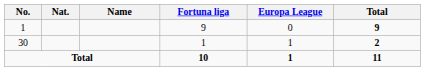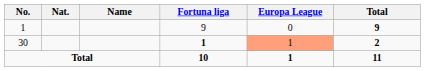 <table class="wikitable sortable" style="text-align:center">
 <tr>
 <th rowspan="1" style="width:54px;">No.</th>
 <th rowspan="1" style="width:54px;">Nat.</th>
 <th rowspan="1" style="width:125px;">Name</th>
 <th style="width:135px;"><a href='#'>Fortuna liga</a></th>
 <th style="width:135px;"><a href='#'>Europa League</a></th>
 <th style="width:135px;"><strong>Total</strong></th>
 </tr>
 <tr>
 <td>1</td>
 <td></td>
 <td align=left></td>
 <td>9</td>
 <td>0</td>
 <td><strong>9</strong></td>
 </tr>
 <tr>
 <td>30</td>
 <td></td>
 <td align=left></td>
-<td>1</td>
-<td>1</td>
+<td><strong>1</strong></td>
+<td style="background: lightsalmon;">1</td>
 <td><strong>2</strong></td>
 </tr>
 <tr>
 <td colspan="3"><strong>Total</strong></td>
 <td><strong>10</strong></td>
 <td><strong>1</strong></td>
 <td><strong>11</strong></td>
 </tr>
 </table>
